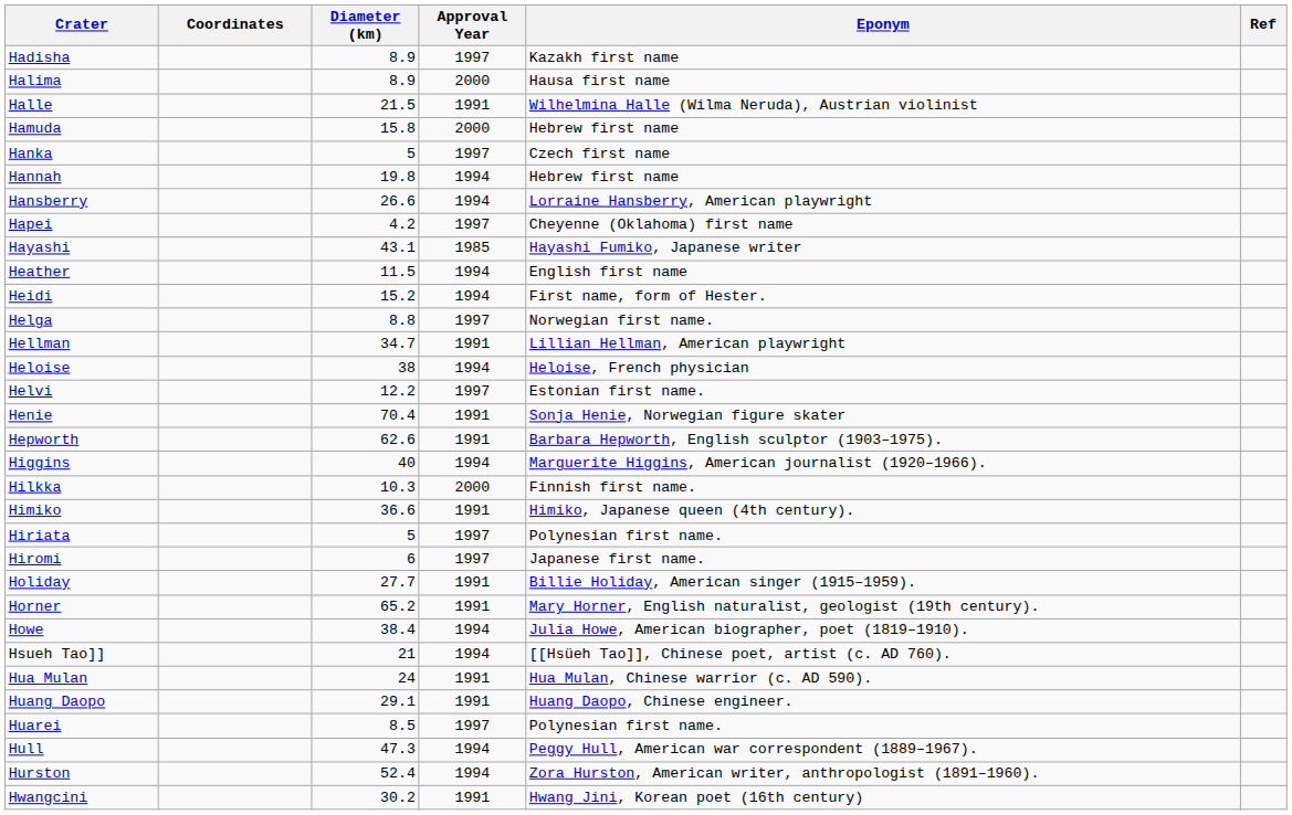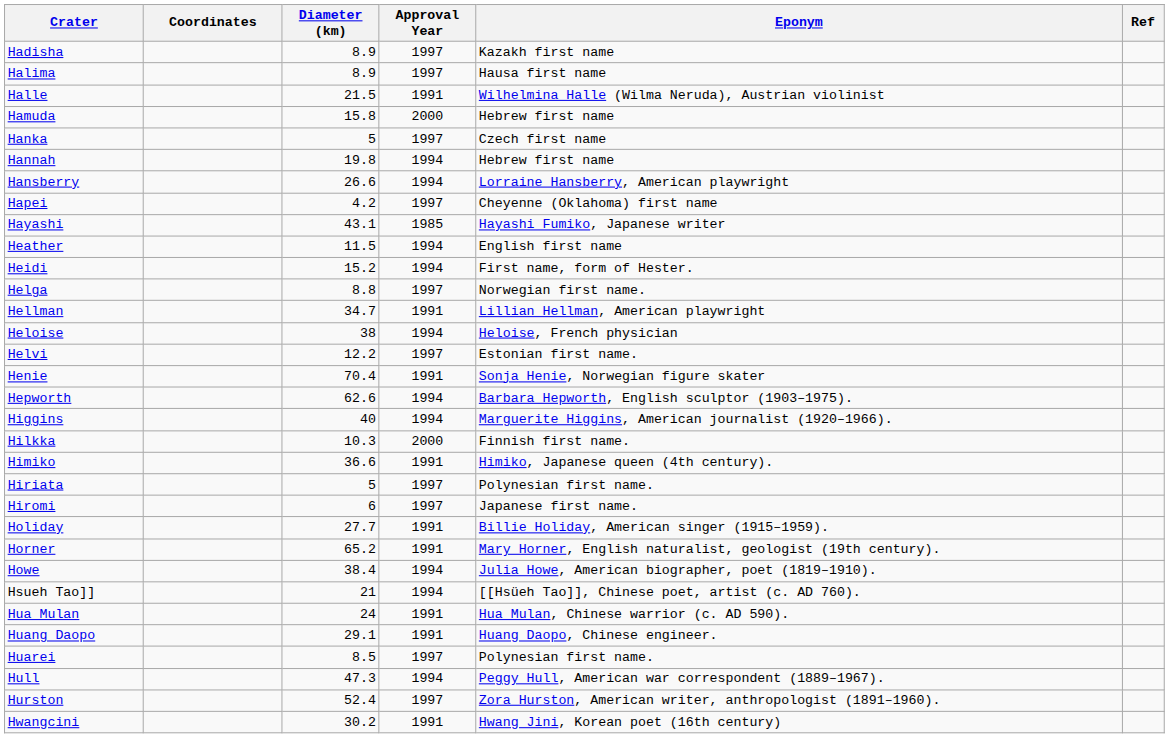 <table class="wikitable sortable" style="min-width: 90%">
 <tr>
 <th style="width:10em"><a href='#'>Crater</a></th>
 <th style="width:10em">Coordinates</th>
 <th><a href='#'>Diameter</a><br>(km)</th>
 <th>Approval<br>Year</th>
 <th class="unsortable"><a href='#'>Eponym</a></th>
 <th class="unsortable">Ref</th>
 </tr>
 <tr id="Hadisha">
 <td><a href='#'>Hadisha</a></td>
 <td></td>
 <td align=right>8.9</td>
 <td align=center>1997</td>
 <td>Kazakh first name</td>
 <td></td>
 </tr>
 <tr id="Halima">
 <td><a href='#'>Halima</a></td>
 <td></td>
 <td align=right>8.9</td>
-<td align=center>2000</td>
+<td align=center>1997</td>
 <td>Hausa first name</td>
 <td></td>
 </tr>
 <tr id="Halle">
 <td><a href='#'>Halle</a></td>
 <td></td>
 <td align=right>21.5</td>
 <td align=center>1991</td>
 <td><a href='#'>Wilhelmina Halle</a> (Wilma Neruda), Austrian violinist</td>
 <td></td>
 </tr>
 <tr id="Hamuda">
 <td><a href='#'>Hamuda</a></td>
 <td></td>
 <td align=right>15.8</td>
 <td align=center>2000</td>
 <td>Hebrew first name</td>
 <td></td>
 </tr>
 <tr id="Hanka">
 <td><a href='#'>Hanka</a></td>
 <td></td>
 <td align=right>5</td>
 <td align=center>1997</td>
 <td>Czech first name</td>
 <td></td>
 </tr>
 <tr id="Hannah">
 <td><a href='#'>Hannah</a></td>
 <td></td>
 <td align=right>19.8</td>
 <td align=center>1994</td>
 <td>Hebrew first name</td>
 <td></td>
 </tr>
 <tr id="Hansberry">
 <td><a href='#'>Hansberry</a></td>
 <td></td>
 <td align=right>26.6</td>
 <td align=center>1994</td>
 <td><a href='#'>Lorraine Hansberry</a>, American playwright</td>
 <td></td>
 </tr>
 <tr id="Hapei">
 <td><a href='#'>Hapei</a></td>
 <td></td>
 <td align=right>4.2</td>
 <td align=center>1997</td>
 <td>Cheyenne (Oklahoma) first name</td>
 <td></td>
 </tr>
 <tr id="Hayashi">
 <td><a href='#'>Hayashi</a></td>
 <td></td>
 <td align=right>43.1</td>
 <td align=center>1985</td>
 <td><a href='#'>Hayashi Fumiko</a>, Japanese writer</td>
 <td></td>
 </tr>
 <tr id="Heather">
 <td><a href='#'>Heather</a></td>
 <td></td>
 <td align=right>11.5</td>
 <td align=center>1994</td>
 <td>English first name</td>
 <td></td>
 </tr>
 <tr id="Heidi">
 <td><a href='#'>Heidi</a></td>
 <td></td>
 <td align=right>15.2</td>
 <td align=center>1994</td>
 <td>First name, form of Hester.</td>
 <td></td>
 </tr>
 <tr id="Helga">
 <td><a href='#'>Helga</a></td>
 <td></td>
 <td align=right>8.8</td>
 <td align=center>1997</td>
 <td>Norwegian first name.</td>
 <td></td>
 </tr>
 <tr id="Hellman">
 <td><a href='#'>Hellman</a></td>
 <td></td>
 <td align=right>34.7</td>
 <td align=center>1991</td>
 <td><a href='#'>Lillian Hellman</a>, American playwright</td>
 <td></td>
 </tr>
 <tr id="Heloise">
 <td><a href='#'>Heloise</a></td>
 <td></td>
 <td align=right>38</td>
 <td align=center>1994</td>
 <td><a href='#'>Heloise</a>, French physician</td>
 <td></td>
 </tr>
 <tr id="Helvi">
 <td><a href='#'>Helvi</a></td>
 <td></td>
 <td align=right>12.2</td>
 <td align=center>1997</td>
 <td>Estonian first name.</td>
 <td></td>
 </tr>
 <tr id="Henie">
 <td><a href='#'>Henie</a></td>
 <td></td>
 <td align=right>70.4</td>
 <td align=center>1991</td>
 <td><a href='#'>Sonja Henie</a>, Norwegian figure skater</td>
 <td></td>
 </tr>
 <tr id="Hepworth">
 <td><a href='#'>Hepworth</a></td>
 <td></td>
 <td align=right>62.6</td>
-<td align=center>1991</td>
+<td align=center>1994</td>
 <td><a href='#'>Barbara Hepworth</a>, English sculptor (1903–1975).</td>
 <td></td>
 </tr>
 <tr id="Higgins">
 <td><a href='#'>Higgins</a></td>
 <td></td>
 <td align=right>40</td>
 <td align=center>1994</td>
 <td><a href='#'>Marguerite Higgins</a>, American journalist (1920–1966).</td>
 <td></td>
 </tr>
 <tr id="Hilkka">
 <td><a href='#'>Hilkka</a></td>
 <td></td>
 <td align=right>10.3</td>
 <td align=center>2000</td>
 <td>Finnish first name.</td>
 <td></td>
 </tr>
 <tr id="Himiko">
 <td><a href='#'>Himiko</a></td>
 <td></td>
 <td align=right>36.6</td>
 <td align=center>1991</td>
 <td><a href='#'>Himiko</a>, Japanese queen (4th century).</td>
 <td></td>
 </tr>
 <tr id="Hiriata">
 <td><a href='#'>Hiriata</a></td>
 <td></td>
 <td align=right>5</td>
 <td align=center>1997</td>
 <td>Polynesian first name.</td>
 <td></td>
 </tr>
 <tr id="Hiromi">
 <td><a href='#'>Hiromi</a></td>
 <td></td>
 <td align=right>6</td>
 <td align=center>1997</td>
 <td>Japanese first name.</td>
 <td></td>
 </tr>
 <tr id="Holiday">
 <td><a href='#'>Holiday</a></td>
 <td></td>
 <td align=right>27.7</td>
 <td align=center>1991</td>
 <td><a href='#'>Billie Holiday</a>, American singer (1915–1959).</td>
 <td></td>
 </tr>
 <tr id="Horner">
 <td><a href='#'>Horner</a></td>
 <td></td>
 <td align=right>65.2</td>
 <td align=center>1991</td>
 <td><a href='#'>Mary Horner</a>, English naturalist, geologist (19th century).</td>
 <td></td>
 </tr>
 <tr id="Howe">
 <td><a href='#'>Howe</a></td>
 <td></td>
 <td align=right>38.4</td>
 <td align=center>1994</td>
 <td><a href='#'>Julia Howe</a>, American biographer, poet (1819–1910).</td>
 <td></td>
 </tr>
 <tr id="Hsueh T">
 <td [[Hsueh T>Hsueh Tao]]</td>
 <td></td>
 <td align=right>21</td>
 <td align=center>1994</td>
 <td>[[Hsüeh Tao]], Chinese poet, artist (c. AD 760).</td>
 <td></td>
 </tr>
 <tr id="Hua Mulan">
 <td><a href='#'>Hua Mulan</a></td>
 <td></td>
 <td align=right>24</td>
 <td align=center>1991</td>
 <td><a href='#'>Hua Mulan</a>, Chinese warrior (c. AD 590).</td>
 <td></td>
 </tr>
 <tr id="Huang Daopo">
 <td><a href='#'>Huang Daopo</a></td>
 <td></td>
 <td align=right>29.1</td>
 <td align=center>1991</td>
 <td><a href='#'>Huang Daopo</a>, Chinese engineer.</td>
 <td></td>
 </tr>
 <tr id="Huarei">
 <td><a href='#'>Huarei</a></td>
 <td></td>
 <td align=right>8.5</td>
 <td align=center>1997</td>
 <td>Polynesian first name.</td>
 <td></td>
 </tr>
 <tr id="Hull">
 <td><a href='#'>Hull</a></td>
 <td></td>
 <td align=right>47.3</td>
 <td align=center>1994</td>
 <td><a href='#'>Peggy Hull</a>, American war correspondent (1889–1967).</td>
 <td></td>
 </tr>
 <tr id="Hurston">
 <td><a href='#'>Hurston</a></td>
 <td></td>
 <td align=right>52.4</td>
-<td align=center>1994</td>
+<td align=center>1997</td>
 <td><a href='#'>Zora Hurston</a>, American writer, anthropologist (1891–1960).</td>
 <td></td>
 </tr>
 <tr id="Hwangcini">
 <td><a href='#'>Hwangcini</a></td>
 <td></td>
 <td align=right>30.2</td>
 <td align=center>1991</td>
 <td><a href='#'>Hwang Jini</a>, Korean poet (16th century)</td>
 <td></td>
 </tr>
 </table>
